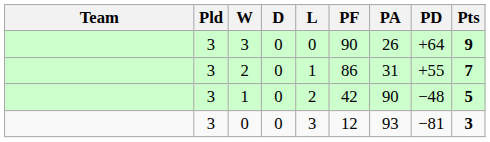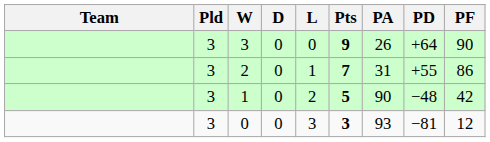 <table class="wikitable" style="text-align:center;">
 <tr>
 <th width=175>Team</th>
 <th width=25 abbr="Played">Pld</th>
 <th width=25 abbr="Won">W</th>
 <th width=25 abbr="Drawn">D</th>
 <th width=25 abbr="Lost">L</th>
-<th width=32 abbr="Points for">PF</th>
+<th width=25 abbr="Points">Pts</th>
 <th width=32 abbr="Points against">PA</th>
 <th width=32 abbr="Points difference">PD</th>
-<th width=25 abbr="Points">Pts</th>
+<th width=32 abbr="Points for">PF</th>
 </tr>
 <tr bgcolor=ccffcc>
 <td align=left></td>
 <td>3</td>
 <td>3</td>
 <td>0</td>
 <td>0</td>
-<td>90</td>
+<td><strong>9</strong></td>
 <td>26</td>
 <td>+64</td>
-<td><strong>9</strong></td>
+<td>90</td>
 </tr>
 <tr bgcolor=ccffcc>
 <td align=left></td>
 <td>3</td>
 <td>2</td>
 <td>0</td>
 <td>1</td>
-<td>86</td>
+<td><strong>7</strong></td>
 <td>31</td>
 <td>+55</td>
-<td><strong>7</strong></td>
+<td>86</td>
 </tr>
 <tr bgcolor=ccffcc>
 <td align=left></td>
 <td>3</td>
 <td>1</td>
 <td>0</td>
 <td>2</td>
-<td>42</td>
+<td><strong>5</strong></td>
 <td>90</td>
 <td>−48</td>
-<td><strong>5</strong></td>
+<td>42</td>
 </tr>
 <tr>
 <td align=left></td>
 <td>3</td>
 <td>0</td>
 <td>0</td>
 <td>3</td>
-<td>12</td>
+<td><strong>3</strong></td>
 <td>93</td>
 <td>−81</td>
-<td><strong>3</strong></td>
+<td>12</td>
 </tr>
 </table>
